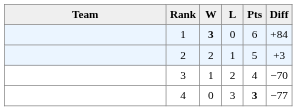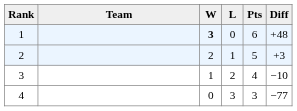 <table style=border-collapse:collapse border=1 cellspacing=0 cellpadding=5>
 <tr align=center bgcolor=#efefef>
+<th width=20>Rank</th>
 <th width=220>Team</th>
-<th width=20>Rank</th>
 <th width=20>W</th>
 <th width=20>L</th>
 <th width=20>Pts</th>
 <th width=25>Diff</th>
 </tr>
 <tr align=center bgcolor=#EBF5FF>
+<td>1</td>
 <td align=left></td>
-<td>1</td>
 <td><strong>3</strong></td>
 <td>0</td>
 <td>6</td>
-<td>+84</td>
+<td>+48</td>
 </tr>
 <tr align=center bgcolor=#EBF5FF>
+<td>2</td>
 <td align=left></td>
-<td>2</td>
 <td>2</td>
 <td>1</td>
 <td>5</td>
 <td>+3</td>
 </tr>
 <tr align=center>
+<td>3</td>
 <td align=left></td>
-<td>3</td>
 <td>1</td>
 <td>2</td>
 <td>4</td>
-<td>−70</td>
+<td>−10</td>
 </tr>
 <tr align=center>
+<td>4</td>
 <td align=left></td>
-<td>4</td>
 <td>0</td>
 <td>3</td>
-<td><strong>3</strong></td>
+<td>3</td>
 <td>−77</td>
 </tr>
 </table>
